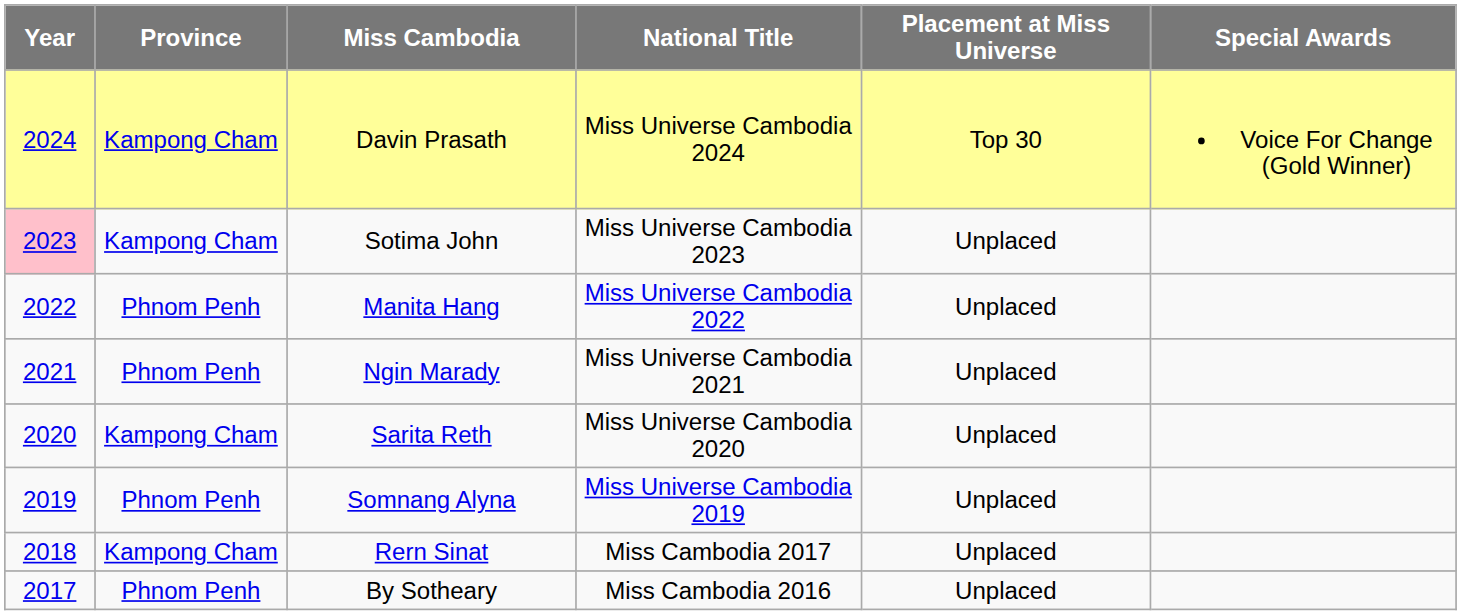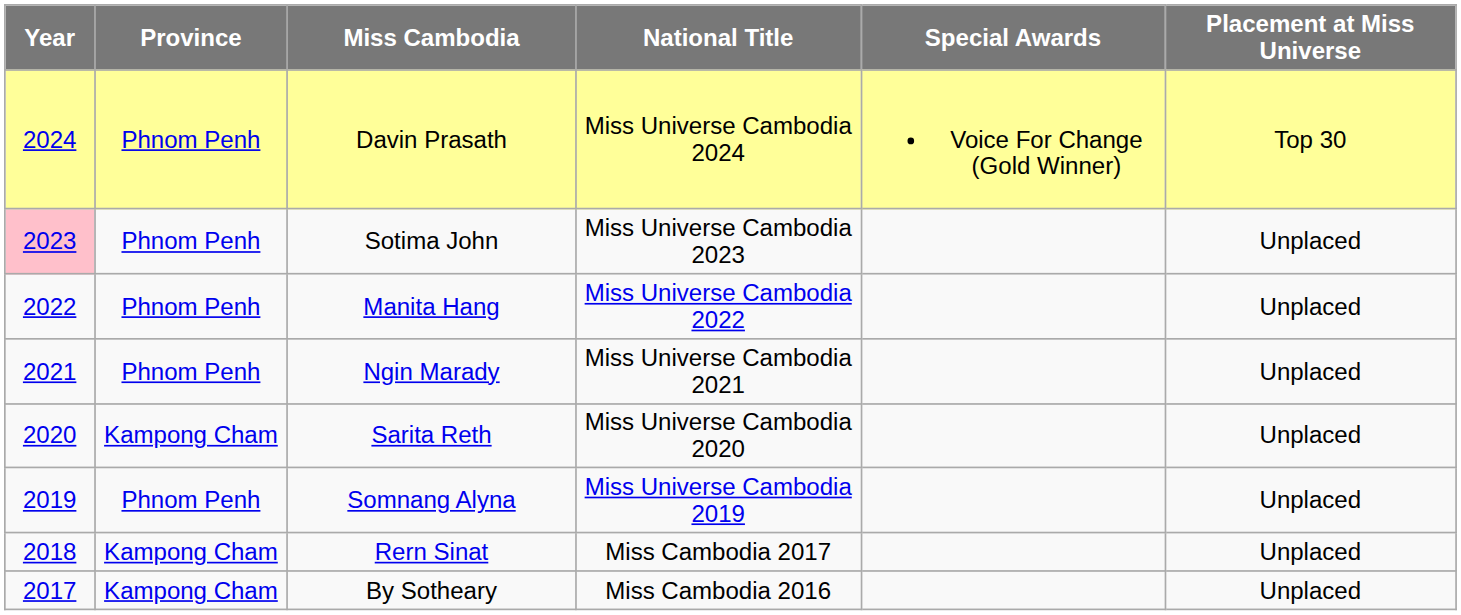 <table class="wikitable " style="font-size: 90%; text-align:center;">
 <tr>
 <th width="60" style="background-color:#787878;color:#FFFFFF;">Year</th>
 <th width="150" style="background-color:#787878;color:#FFFFFF;">Province</th>
 <th width="250" style="background-color:#787878;color:#FFFFFF;">Miss Cambodia</th>
 <th width="250" style="background-color:#787878;color:#FFFFFF;">National Title</th>
+<th width="250" style="background-color:#787878;color:#FFFFFF;">Special Awards</th>
 <th width="250" style="background-color:#787878;color:#FFFFFF;">Placement at Miss Universe</th>
-<th width="250" style="background-color:#787878;color:#FFFFFF;">Special Awards</th>
 </tr>
 <tr style="background-color:#FFFF99;">
 <td><a href='#'>2024</a></td>
-<td><a href='#'>Kampong Cham</a></td>
+<td><a href='#'>Phnom Penh</a></td>
 <td>Davin Prasath</td>
 <td>Miss Universe Cambodia 2024</td>
+<td><br><ul><li>Voice For Change (Gold Winner)</li></ul></td>
 <td>Top 30</td>
-<td><br><ul><li>Voice For Change (Gold Winner)</li></ul></td>
 </tr>
 <tr>
 <td style="background: pink;"><a href='#'>2023</a></td>
-<td><a href='#'>Kampong Cham</a></td>
+<td><a href='#'>Phnom Penh</a></td>
 <td>Sotima John</td>
 <td>Miss Universe Cambodia 2023</td>
+<td></td>
 <td>Unplaced</td>
-<td></td>
 </tr>
 <tr>
 <td><a href='#'>2022</a></td>
 <td><a href='#'>Phnom Penh</a></td>
 <td><a href='#'>Manita Hang</a></td>
 <td><a href='#'>Miss Universe Cambodia 2022</a></td>
+<td></td>
 <td>Unplaced</td>
-<td></td>
 </tr>
 <tr>
 <td><a href='#'>2021</a></td>
 <td><a href='#'>Phnom Penh</a></td>
 <td><a href='#'>Ngin Marady</a></td>
 <td>Miss Universe Cambodia 2021</td>
+<td></td>
 <td>Unplaced</td>
-<td></td>
 </tr>
 <tr>
 <td><a href='#'>2020</a></td>
 <td><a href='#'>Kampong Cham</a></td>
 <td><a href='#'>Sarita Reth</a></td>
 <td>Miss Universe Cambodia 2020</td>
+<td></td>
 <td>Unplaced</td>
-<td></td>
 </tr>
 <tr>
 <td><a href='#'>2019</a></td>
 <td><a href='#'>Phnom Penh</a></td>
 <td><a href='#'>Somnang Alyna</a></td>
 <td><a href='#'>Miss Universe Cambodia 2019</a></td>
+<td></td>
 <td>Unplaced</td>
-<td></td>
 </tr>
 <tr>
 <td><a href='#'>2018</a></td>
 <td><a href='#'>Kampong Cham</a></td>
 <td><a href='#'>Rern Sinat</a></td>
 <td>Miss Cambodia 2017</td>
+<td></td>
 <td>Unplaced</td>
-<td></td>
 </tr>
 <tr>
 <td><a href='#'>2017</a></td>
-<td><a href='#'>Phnom Penh</a></td>
+<td><a href='#'>Kampong Cham</a></td>
 <td>By Sotheary</td>
 <td>Miss Cambodia 2016</td>
+<td></td>
 <td>Unplaced</td>
-<td></td>
 </tr>
 </table>
